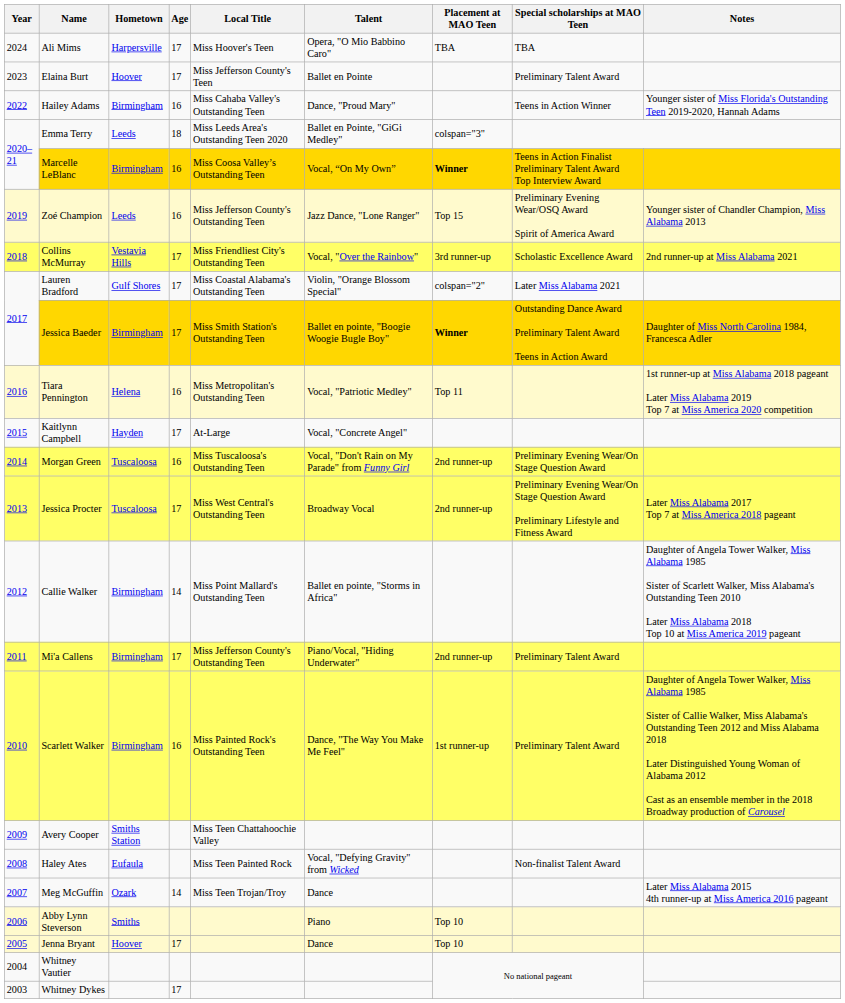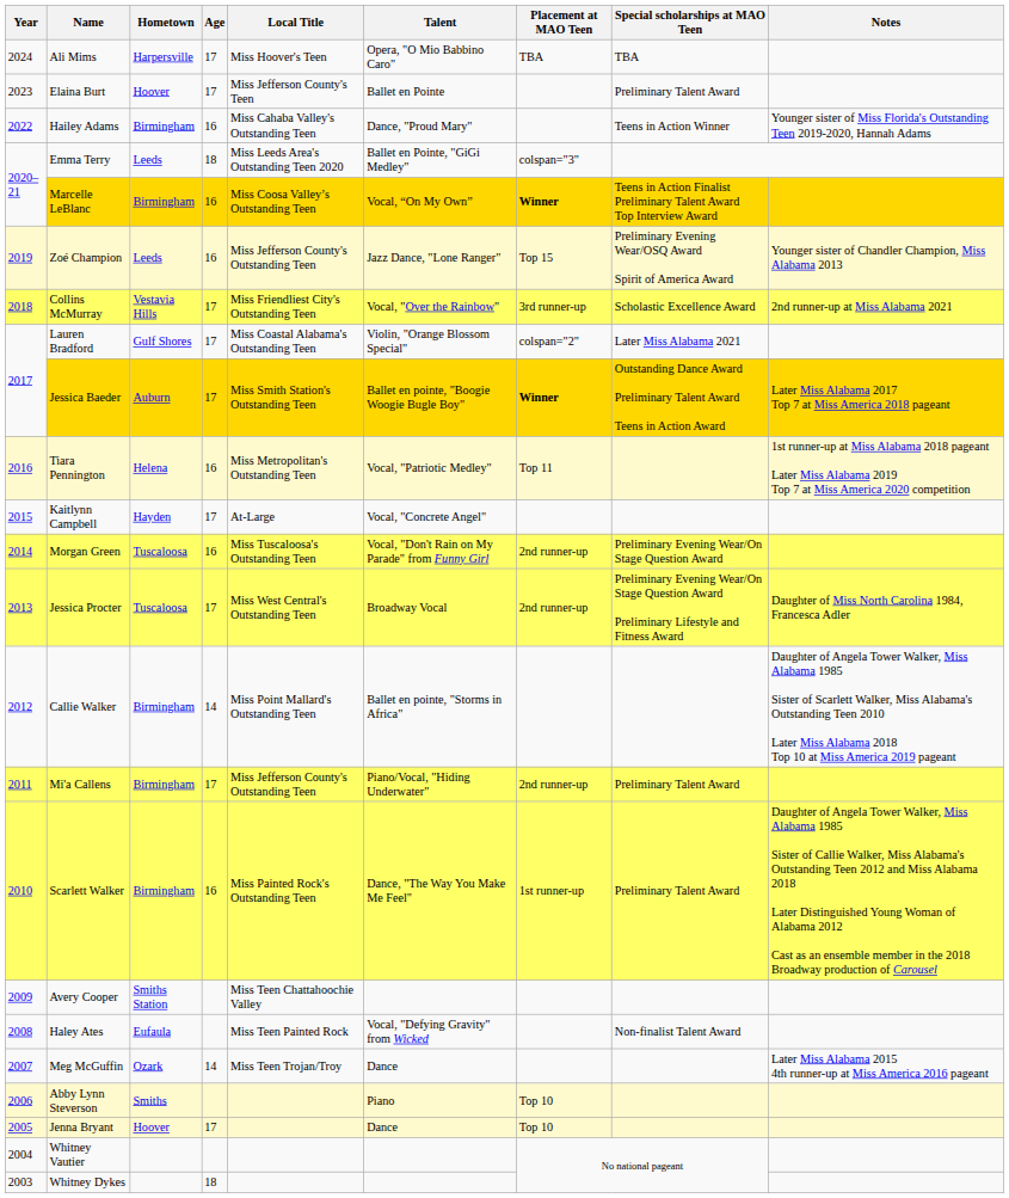 <table class="wikitable sortable" style="font-size:95%;">
 <tr bgcolor="#efefef">
 <th>Year</th>
 <th>Name</th>
 <th>Hometown</th>
 <th>Age</th>
 <th>Local Title</th>
 <th>Talent</th>
 <th>Placement at MAO Teen</th>
 <th>Special scholarships at MAO Teen</th>
 <th>Notes</th>
 </tr>
 <tr>
 <td>2024</td>
 <td>Ali Mims</td>
 <td><a href='#'>Harpersville</a></td>
 <td>17</td>
 <td>Miss Hoover's Teen</td>
 <td>Opera, "O Mio Babbino Caro"</td>
 <td>TBA</td>
 <td>TBA</td>
 <td></td>
 </tr>
 <tr>
 <td>2023</td>
 <td>Elaina Burt</td>
 <td><a href='#'>Hoover</a></td>
 <td>17</td>
 <td>Miss Jefferson County's Teen</td>
 <td>Ballet en Pointe</td>
 <td></td>
 <td>Preliminary Talent Award</td>
 <td></td>
 </tr>
 <tr>
 <td><a href='#'>2022</a></td>
 <td>Hailey Adams</td>
 <td><a href='#'>Birmingham</a></td>
 <td>16</td>
 <td>Miss Cahaba Valley's Outstanding Teen</td>
 <td>Dance, "Proud Mary"</td>
 <td align="center"></td>
 <td>Teens in Action Winner</td>
 <td>Younger sister of <a href='#'>Miss Florida's Outstanding Teen</a> 2019-2020, Hannah Adams</td>
 </tr>
 <tr>
 <td rowspan="2"><a href='#'>2020–21</a></td>
 <td>Emma Terry</td>
 <td><a href='#'>Leeds</a></td>
 <td>18</td>
 <td>Miss Leeds Area's Outstanding Teen 2020</td>
 <td>Ballet en Pointe, "GiGi Medley"</td>
 <td>colspan="3" </td>
 </tr>
 <tr style="background-color:gold;">
 <td>Marcelle LeBlanc</td>
 <td><a href='#'>Birmingham</a></td>
 <td>16</td>
 <td>Miss Coosa Valley’s Outstanding Teen</td>
 <td>Vocal, “On My Own”</td>
 <td><strong>Winner</strong></td>
 <td>Teens in Action Finalist<br>Preliminary Talent Award<br>Top Interview Award</td>
 <td></td>
 </tr>
 <tr style="background-color:#FFFACD;">
 <td><a href='#'>2019</a></td>
 <td>Zoé Champion</td>
 <td><a href='#'>Leeds</a></td>
 <td>16</td>
 <td>Miss Jefferson County's Outstanding Teen</td>
 <td>Jazz Dance, "Lone Ranger"</td>
 <td>Top 15</td>
 <td>Preliminary Evening Wear/OSQ Award<br><br>Spirit of America Award</td>
 <td>Younger sister of Chandler Champion, <a href='#'>Miss Alabama</a> 2013</td>
 </tr>
 <tr style="background-color:#FFFF66;">
 <td><a href='#'>2018</a></td>
 <td>Collins McMurray</td>
 <td><a href='#'>Vestavia Hills</a></td>
 <td>17</td>
 <td>Miss Friendliest City's Outstanding Teen</td>
 <td>Vocal, "<a href='#'>Over the Rainbow</a>"</td>
 <td>3rd runner-up</td>
 <td>Scholastic Excellence Award</td>
 <td>2nd runner-up at <a href='#'>Miss Alabama</a> 2021</td>
 </tr>
 <tr>
 <td rowspan="2"><a href='#'>2017</a></td>
 <td>Lauren Bradford</td>
 <td><a href='#'>Gulf Shores</a></td>
 <td>17</td>
 <td>Miss Coastal Alabama's Outstanding Teen</td>
 <td>Violin, "Orange Blossom Special"</td>
 <td>colspan="2" </td>
 <td>Later <a href='#'>Miss Alabama</a> 2021</td>
 </tr>
 <tr style="background-color:gold;">
 <td>Jessica Baeder</td>
-<td><a href='#'>Birmingham</a></td>
+<td><a href='#'>Auburn</a></td>
 <td>17</td>
 <td>Miss Smith Station's Outstanding Teen</td>
 <td>Ballet en pointe, "Boogie Woogie Bugle Boy"</td>
 <td><strong>Winner</strong></td>
 <td>Outstanding Dance Award<br><br>Preliminary Talent Award<br><br>Teens in Action Award</td>
-<td>Daughter of <a href='#'>Miss North Carolina</a> 1984, Francesca Adler</td>
+<td>Later <a href='#'>Miss Alabama</a> 2017<br>Top 7 at <a href='#'>Miss America 2018</a> pageant</td>
 </tr>
 <tr style="background-color:#FFFACD;">
 <td><a href='#'>2016</a></td>
 <td>Tiara Pennington</td>
 <td><a href='#'>Helena</a></td>
 <td>16</td>
 <td>Miss Metropolitan's Outstanding Teen</td>
 <td>Vocal, "Patriotic Medley"</td>
 <td>Top 11</td>
 <td></td>
 <td>1st runner-up at <a href='#'>Miss Alabama</a> 2018 pageant<br><br> Later <a href='#'>Miss Alabama</a> 2019<br>Top 7 at <a href='#'>Miss America 2020</a> competition</td>
 </tr>
 <tr>
 <td><a href='#'>2015</a></td>
 <td>Kaitlynn Campbell</td>
 <td><a href='#'>Hayden</a></td>
 <td>17</td>
 <td>At-Large</td>
 <td>Vocal, "Concrete Angel"</td>
 <td></td>
 <td></td>
 <td></td>
 </tr>
 <tr style="background-color:#FFFF66;">
 <td><a href='#'>2014</a></td>
 <td>Morgan Green</td>
 <td><a href='#'>Tuscaloosa</a></td>
 <td>16</td>
 <td>Miss Tuscaloosa's Outstanding Teen</td>
 <td>Vocal, "Don't Rain on My Parade" from <em><a href='#'>Funny Girl</a></em></td>
 <td>2nd runner-up</td>
 <td>Preliminary Evening Wear/On Stage Question Award</td>
 <td></td>
 </tr>
 <tr style="background-color:#FFFF66;">
 <td><a href='#'>2013</a></td>
 <td>Jessica Procter</td>
 <td><a href='#'>Tuscaloosa</a></td>
 <td>17</td>
 <td>Miss West Central's Outstanding Teen</td>
 <td>Broadway Vocal</td>
 <td>2nd runner-up</td>
 <td>Preliminary Evening Wear/On Stage Question Award<br><br>Preliminary Lifestyle and Fitness Award</td>
-<td>Later <a href='#'>Miss Alabama</a> 2017<br>Top 7 at <a href='#'>Miss America 2018</a> pageant</td>
+<td>Daughter of <a href='#'>Miss North Carolina</a> 1984, Francesca Adler</td>
 </tr>
 <tr>
 <td><a href='#'>2012</a></td>
 <td>Callie Walker</td>
 <td><a href='#'>Birmingham</a></td>
 <td>14</td>
 <td>Miss Point Mallard's Outstanding Teen</td>
 <td>Ballet en pointe, "Storms in Africa"</td>
 <td></td>
 <td></td>
 <td>Daughter of Angela Tower Walker, <a href='#'>Miss Alabama</a> 1985<br><br>Sister of Scarlett Walker, Miss Alabama's Outstanding Teen 2010<br><br>Later <a href='#'>Miss Alabama</a> 2018<br>Top 10 at <a href='#'>Miss America 2019</a> pageant</td>
 </tr>
 <tr style="background-color:#FFFF66;">
 <td><a href='#'>2011</a></td>
 <td>Mi'a Callens</td>
 <td><a href='#'>Birmingham</a></td>
 <td>17</td>
 <td>Miss Jefferson County's Outstanding Teen</td>
 <td>Piano/Vocal, "Hiding Underwater"</td>
 <td>2nd runner-up</td>
 <td>Preliminary Talent Award</td>
 <td></td>
 </tr>
 <tr style="background-color:#FFFF66;">
 <td><a href='#'>2010</a></td>
 <td>Scarlett Walker</td>
 <td><a href='#'>Birmingham</a></td>
 <td>16</td>
 <td>Miss Painted Rock's Outstanding Teen</td>
 <td>Dance, "The Way You Make Me Feel"</td>
 <td>1st runner-up</td>
 <td>Preliminary Talent Award</td>
 <td>Daughter of Angela Tower Walker, <a href='#'>Miss Alabama</a> 1985<br><br>Sister of Callie Walker, Miss Alabama's Outstanding Teen 2012 and Miss Alabama 2018<br><br> Later Distinguished Young Woman of Alabama 2012<br><br>Cast as an ensemble member in the 2018 Broadway production of <em><a href='#'>Carousel</a></em></td>
 </tr>
 <tr>
 <td><a href='#'>2009</a></td>
 <td>Avery Cooper</td>
 <td><a href='#'>Smiths Station</a></td>
 <td></td>
 <td>Miss Teen Chattahoochie Valley</td>
 <td></td>
 <td></td>
 <td></td>
 <td></td>
 </tr>
 <tr>
 <td><a href='#'>2008</a></td>
 <td>Haley Ates</td>
 <td><a href='#'>Eufaula</a></td>
 <td></td>
 <td>Miss Teen Painted Rock</td>
 <td>Vocal, "Defying Gravity" from <em><a href='#'>Wicked</a></em></td>
 <td></td>
 <td>Non-finalist Talent Award</td>
 <td></td>
 </tr>
 <tr>
 <td><a href='#'>2007</a></td>
 <td>Meg McGuffin</td>
 <td><a href='#'>Ozark</a></td>
 <td>14</td>
 <td>Miss Teen Trojan/Troy</td>
 <td>Dance</td>
 <td></td>
 <td></td>
 <td>Later <a href='#'>Miss Alabama</a> 2015<br>4th runner-up at <a href='#'>Miss America 2016</a> pageant</td>
 </tr>
 <tr style="background-color:#FFFACD;">
 <td><a href='#'>2006</a></td>
 <td>Abby Lynn Steverson</td>
 <td><a href='#'>Smiths</a></td>
 <td></td>
 <td></td>
 <td>Piano</td>
 <td>Top 10</td>
 <td></td>
 <td></td>
 </tr>
 <tr style="background-color:#FFFACD;">
 <td><a href='#'>2005</a></td>
 <td>Jenna Bryant</td>
 <td><a href='#'>Hoover</a></td>
 <td>17</td>
 <td></td>
 <td>Dance</td>
 <td>Top 10</td>
 <td></td>
 <td></td>
 </tr>
 <tr>
 <td>2004</td>
 <td>Whitney Vautier</td>
 <td></td>
 <td></td>
 <td></td>
 <td></td>
 <td rowspan =2 colspan=2 style="text-align:center;"><small>No national pageant</small></td>
 <td></td>
 </tr>
 <tr>
 <td>2003</td>
 <td>Whitney Dykes</td>
 <td></td>
-<td>17</td>
+<td>18</td>
 <td></td>
 <td></td>
 <td></td>
 </tr>
 </table>
